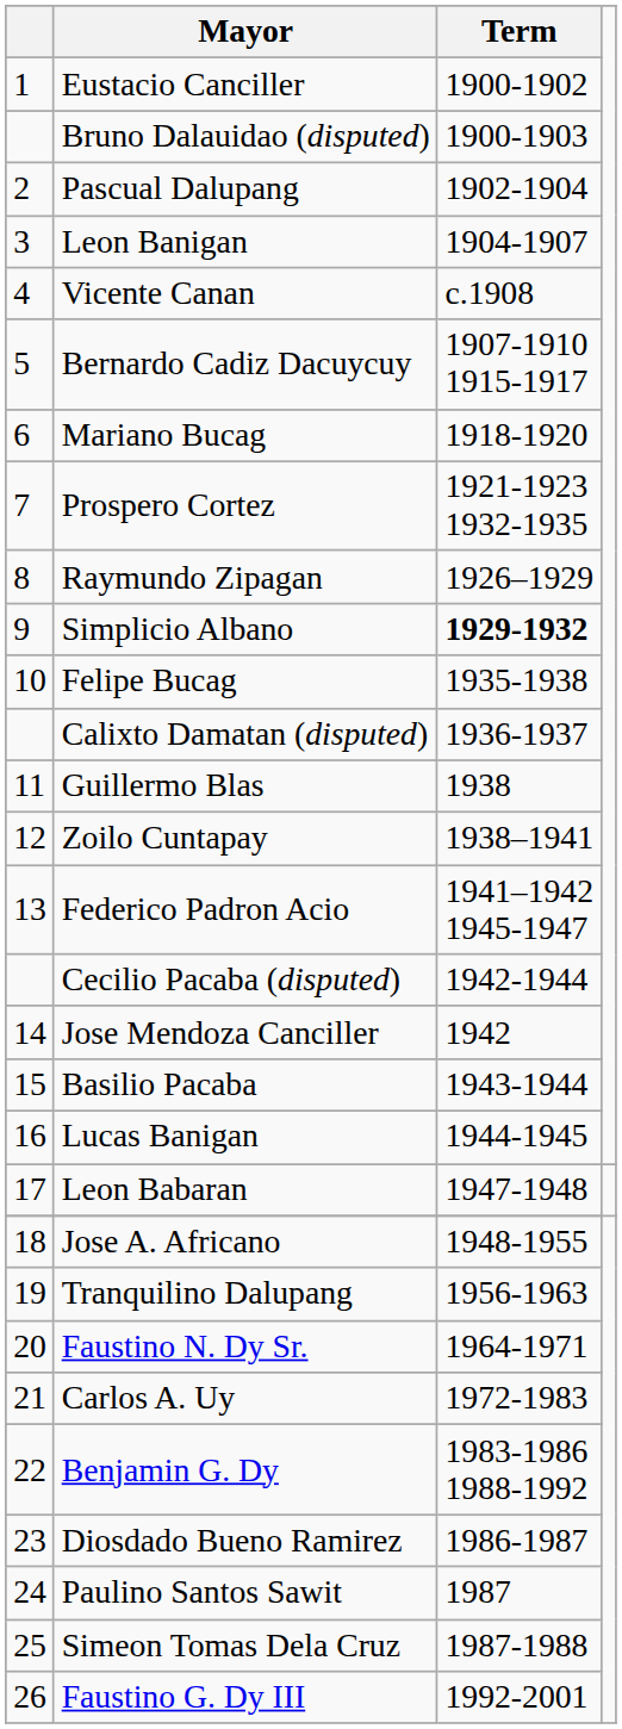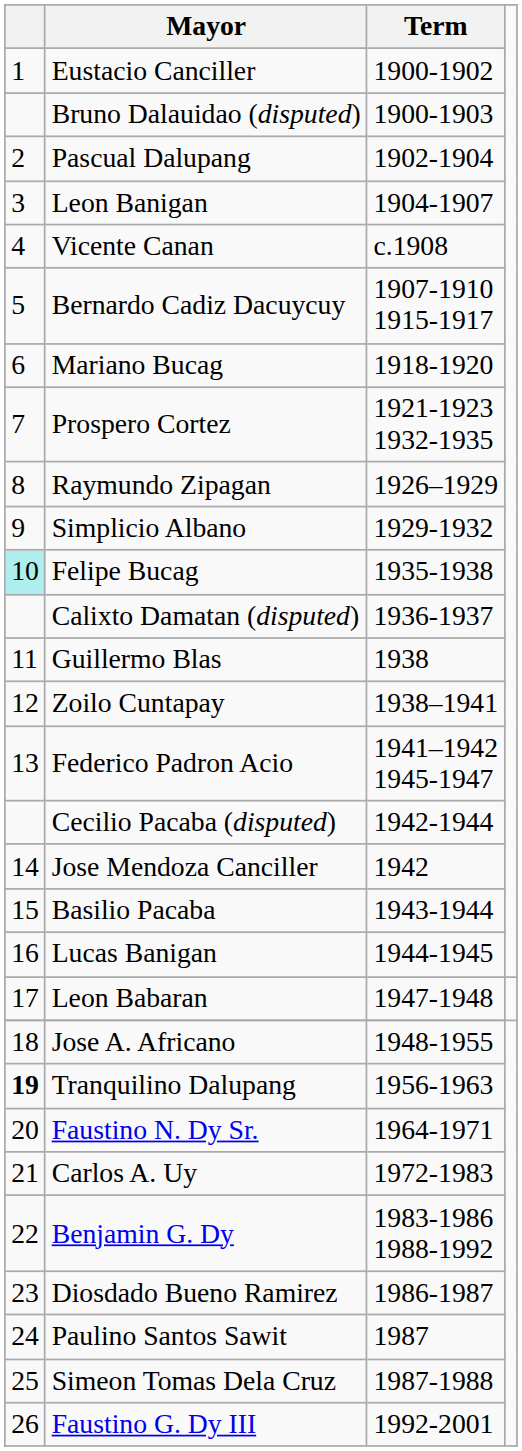 <table class="wikitable sortable">
 <tr>
 <th></th>
 <th>Mayor</th>
 <th>Term</th>
 </tr>
 <tr>
 <td>1</td>
 <td>Eustacio Canciller</td>
 <td>1900-1902</td>
 </tr>
 <tr>
 <td></td>
 <td>Bruno Dalauidao (<em>disputed</em>)</td>
 <td>1900-1903</td>
 </tr>
 <tr>
 <td>2</td>
 <td>Pascual Dalupang</td>
 <td>1902-1904</td>
 </tr>
 <tr>
 <td>3</td>
 <td>Leon Banigan</td>
 <td>1904-1907</td>
 </tr>
 <tr>
 <td>4</td>
 <td>Vicente Canan</td>
 <td>c.1908</td>
 </tr>
 <tr>
 <td>5</td>
 <td>Bernardo Cadiz Dacuycuy</td>
 <td>1907-1910<br>1915-1917</td>
 </tr>
 <tr>
 <td>6</td>
 <td>Mariano Bucag</td>
 <td>1918-1920</td>
 </tr>
 <tr>
 <td>7</td>
 <td>Prospero Cortez</td>
 <td>1921-1923<br>1932-1935</td>
 </tr>
 <tr>
 <td>8</td>
 <td>Raymundo Zipagan</td>
 <td>1926–1929</td>
 </tr>
 <tr>
 <td>9</td>
 <td>Simplicio Albano</td>
-<td><strong>1929-1932</strong></td>
+<td>1929-1932</td>
 </tr>
 <tr>
-<td>10</td>
+<td style="background: paleturquoise;">10</td>
 <td>Felipe Bucag</td>
 <td>1935-1938</td>
 </tr>
 <tr>
 <td></td>
 <td>Calixto Damatan (<em>disputed</em>)</td>
 <td>1936-1937</td>
 </tr>
 <tr>
 <td>11</td>
 <td>Guillermo Blas</td>
 <td>1938</td>
 </tr>
 <tr>
 <td>12</td>
 <td>Zoilo Cuntapay</td>
 <td>1938–1941</td>
 </tr>
 <tr>
 <td>13</td>
 <td>Federico Padron Acio</td>
 <td>1941–1942<br>1945-1947</td>
 </tr>
 <tr>
 <td></td>
 <td>Cecilio Pacaba (<em>disputed</em>)</td>
 <td>1942-1944</td>
 </tr>
 <tr>
 <td>14</td>
 <td>Jose Mendoza Canciller</td>
 <td>1942</td>
 </tr>
 <tr>
 <td>15</td>
 <td>Basilio Pacaba</td>
 <td>1943-1944</td>
 </tr>
 <tr>
 <td>16</td>
 <td>Lucas Banigan</td>
 <td>1944-1945</td>
 </tr>
 <tr>
 <td>17</td>
 <td>Leon Babaran</td>
 <td>1947-1948</td>
 <td></td>
 </tr>
 <tr || Teodoro Laggui (>
 </tr>
 <tr>
 <td>18</td>
 <td>Jose A. Africano</td>
 <td>1948-1955</td>
 </tr>
 <tr>
-<td>19</td>
+<td><strong>19</strong></td>
 <td>Tranquilino Dalupang</td>
 <td>1956-1963</td>
 </tr>
 <tr>
 <td>20</td>
 <td><a href='#'>Faustino N. Dy Sr.</a></td>
 <td>1964-1971</td>
 </tr>
 <tr>
 <td>21</td>
 <td>Carlos A. Uy</td>
 <td>1972-1983</td>
 </tr>
 <tr>
 <td>22</td>
 <td><a href='#'>Benjamin G. Dy</a></td>
 <td>1983-1986<br>1988-1992</td>
 </tr>
 <tr>
 <td>23</td>
 <td>Diosdado Bueno Ramirez</td>
 <td>1986-1987</td>
 </tr>
 <tr>
 <td>24</td>
 <td>Paulino Santos Sawit</td>
 <td>1987</td>
 </tr>
 <tr>
 <td>25</td>
 <td>Simeon Tomas Dela Cruz</td>
 <td>1987-1988</td>
 </tr>
 <tr>
 <td>26</td>
 <td><a href='#'>Faustino G. Dy III</a></td>
 <td>1992-2001</td>
 </tr>
 </table>
